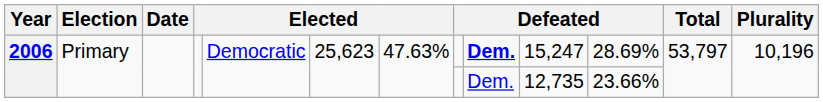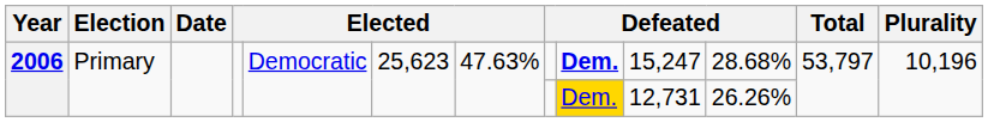 <table class="wikitable">
 <tr>
 <th>Year</th>
 <th>Election</th>
 <th>Date</th>
 <th colspan="4">Elected</th>
 <th colspan="4">Defeated</th>
 <th>Total</th>
 <th>Plurality</th>
 </tr>
 <tr>
 <th rowspan="2" valign="top"><a href='#'>2006</a></th>
 <td rowspan="2" valign="top">Primary</td>
 <td rowspan="2" valign="top"></td>
 <td rowspan="2" valign="top"></td>
 <td rowspan="2" valign="top" ><a href='#'>Democratic</a></td>
 <td rowspan="2" align="right" valign="top">25,623</td>
 <td rowspan="2" align="right" valign="top">47.63%</td>
 <td valign="top"></td>
 <td valign="top" ><strong><a href='#'>Dem.</a></strong></td>
 <td align="right" valign="top">15,247</td>
-<td align="right" valign="top">28.69%</td>
+<td align="right" valign="top">28.68%</td>
 <td rowspan="2" align="right" valign="top">53,797</td>
 <td rowspan="2" align="right" valign="top">10,196</td>
 </tr>
 <tr>
 <td valign="top"></td>
-<td valign="top" ><a href='#'>Dem.</a></td>
-<td align="right" valign="top">12,735</td>
-<td align="right" valign="top">23.66%</td>
+<td valign="top"  style="background: gold;"><a href='#'>Dem.</a></td>
+<td align="right" valign="top">12,731</td>
+<td align="right" valign="top">26.26%</td>
 </tr>
 </table>
